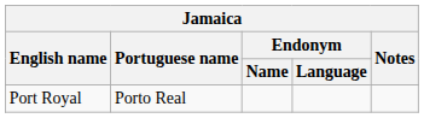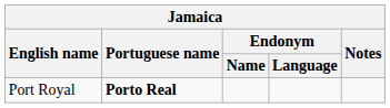 <table class="wikitable sortable">
 <tr>
 <th colspan="5"> Jamaica</th>
 </tr>
 <tr>
 <th rowspan="2">English name</th>
 <th rowspan="2">Portuguese name</th>
 <th colspan="2">Endonym</th>
 <th rowspan="2">Notes</th>
 </tr>
 <tr>
 <th>Name</th>
 <th>Language</th>
 </tr>
 <tr>
 <td>Port Royal</td>
-<td>Porto Real</td>
+<td><strong>Porto Real</strong></td>
 <td></td>
 <td></td>
 <td></td>
 </tr>
 </table>
